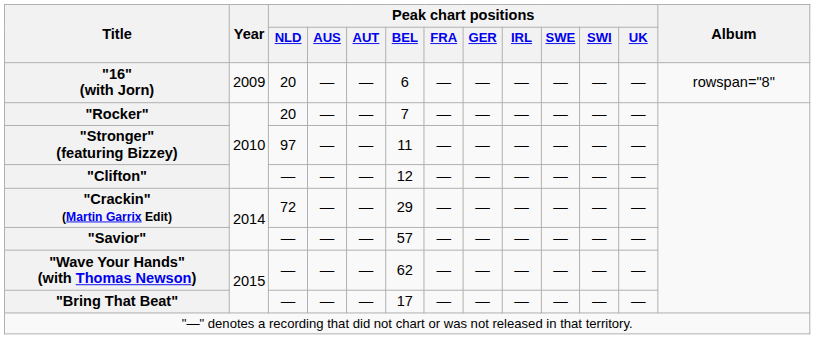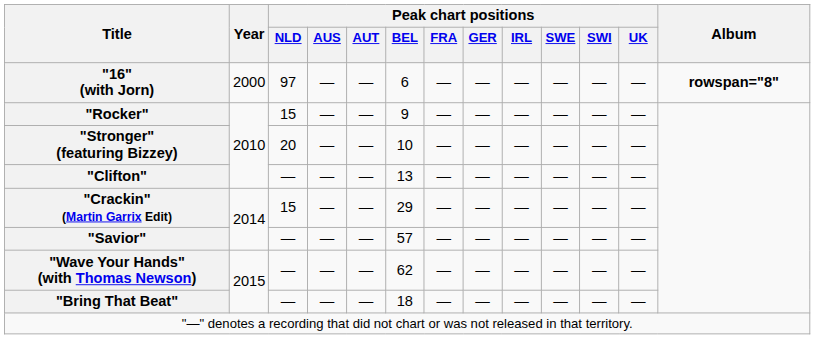 <table class="wikitable plainrowheaders" style="text-align:center;">
 <tr>
 <th rowspan="2" scope="col" style="width:15em;">Title</th>
 <th rowspan="2" scope="col" style="width:1em;">Year</th>
 <th colspan="10" scope="col">Peak chart positions</th>
 <th rowspan="2" scope="col" style="width:10em;">Album</th>
 </tr>
 <tr>
 <th scope="col" style="width:2.5em;font-size:90%;"><a href='#'>NLD</a><br><br></th>
 <th scope="col" style="width:2.5em;font-size:90%;"><a href='#'>AUS</a><br><br></th>
 <th scope="col" style="width:2.5em;font-size:90%;"><a href='#'>AUT</a><br><br></th>
 <th scope="col" style="width:2.5em;font-size:90%;"><a href='#'>BEL</a><br><br></th>
 <th scope="col" style="width:2.5em;font-size:90%;"><a href='#'>FRA</a><br><br></th>
 <th scope="col" style="width:2.5em;font-size:90%;"><a href='#'>GER</a><br><br></th>
 <th scope="col" style="width:2.5em;font-size:90%;"><a href='#'>IRL</a><br><br></th>
 <th scope="col" style="width:2.5em;font-size:90%;"><a href='#'>SWE</a><br><br></th>
 <th scope="col" style="width:2.5em;font-size:90%;"><a href='#'>SWI</a><br><br></th>
 <th scope="col" style="width:2.5em;font-size:90%;"><a href='#'>UK</a><br><br></th>
 </tr>
 <tr>
 <th scope="row">"16"<br><span>(with Jorn)</span></th>
-<td rowspan="1">2009</td>
-<td>20</td>
+<td rowspan="1">2000</td>
+<td>97</td>
 <td>—</td>
 <td>—</td>
 <td>6</td>
 <td>—</td>
 <td>—</td>
 <td>—</td>
 <td>—</td>
 <td>—</td>
 <td>—</td>
-<td>rowspan="8" </td>
+<td><strong>rowspan="8" </strong></td>
 </tr>
 <tr>
 <th scope="row">"Rocker"</th>
 <td rowspan="3">2010</td>
-<td>20</td>
+<td>15</td>
 <td>—</td>
 <td>—</td>
-<td>7</td>
+<td>9</td>
 <td>—</td>
 <td>—</td>
 <td>—</td>
 <td>—</td>
 <td>—</td>
 <td>—</td>
 </tr>
 <tr>
 <th scope="row">"Stronger"<br><span>(featuring Bizzey)</span></th>
-<td>97</td>
+<td>20</td>
 <td>—</td>
 <td>—</td>
-<td>11</td>
+<td>10</td>
 <td>—</td>
 <td>—</td>
 <td>—</td>
 <td>—</td>
 <td>—</td>
 <td>—</td>
 </tr>
 <tr>
 <th scope="row">"Clifton"</th>
 <td>—</td>
 <td>—</td>
 <td>—</td>
-<td>12</td>
+<td>13</td>
 <td>—</td>
 <td>—</td>
 <td>—</td>
 <td>—</td>
 <td>—</td>
 <td>—</td>
 </tr>
 <tr>
 <th scope="row">"Crackin" <br><small>(<a href='#'>Martin Garrix</a> Edit)</small></th>
 <td rowspan="2">2014</td>
-<td>72</td>
+<td>15</td>
 <td>—</td>
 <td>—</td>
 <td>29</td>
 <td>—</td>
 <td>—</td>
 <td>—</td>
 <td>—</td>
 <td>—</td>
 <td>—</td>
 </tr>
 <tr>
 <th scope="row">"Savior"</th>
 <td>—</td>
 <td>—</td>
 <td>—</td>
 <td>57</td>
 <td>—</td>
 <td>—</td>
 <td>—</td>
 <td>—</td>
 <td>—</td>
 <td>—</td>
 </tr>
 <tr>
 <th scope="row">"Wave Your Hands"<br><span>(with <a href='#'>Thomas Newson</a>)</span></th>
 <td rowspan="2">2015</td>
 <td>—</td>
 <td>—</td>
 <td>—</td>
 <td>62</td>
 <td>—</td>
 <td>—</td>
 <td>—</td>
 <td>—</td>
 <td>—</td>
 <td>—</td>
 </tr>
 <tr>
 <th scope="row">"Bring That Beat"</th>
 <td>—</td>
 <td>—</td>
 <td>—</td>
-<td>17</td>
+<td>18</td>
 <td>—</td>
 <td>—</td>
 <td>—</td>
 <td>—</td>
 <td>—</td>
 <td>—</td>
 </tr>
 <tr>
 <td colspan="14" style="font-size:90%">"—" denotes a recording that did not chart or was not released in that territory.</td>
 </tr>
 </table>
